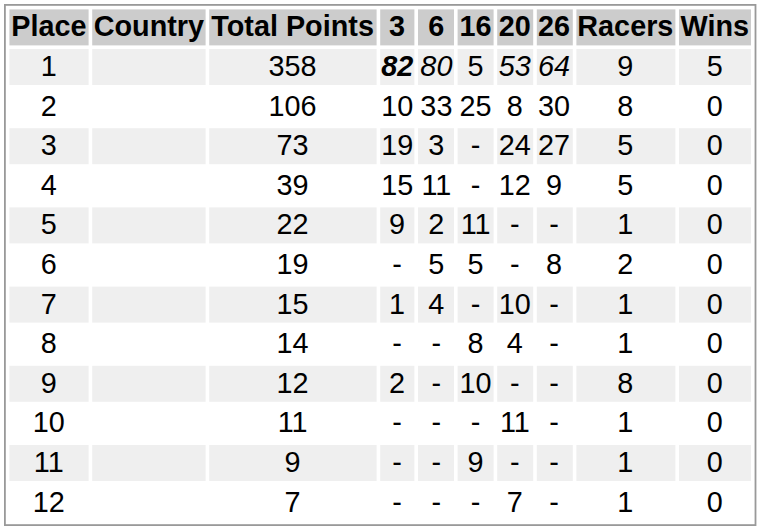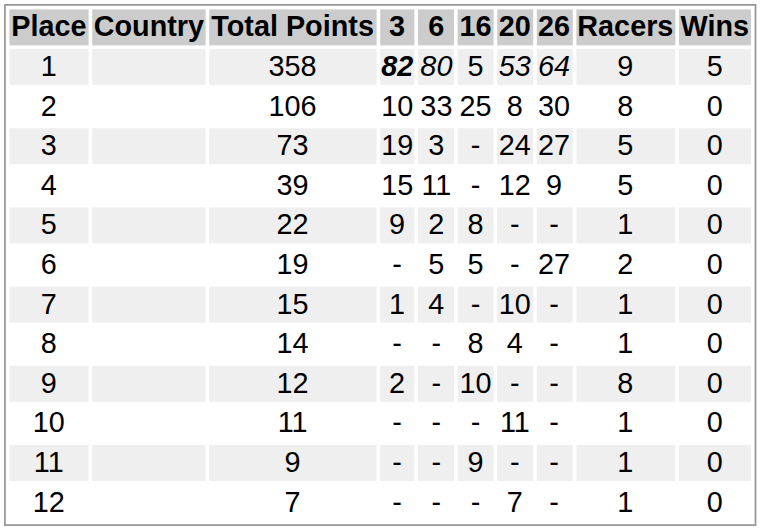 <table border="0" style="border: 1px solid #999; background-color:#FFFFFF; text-align:center">
 <tr align="center" bgcolor="#CCCCCC">
 <th>Place</th>
 <th>Country</th>
 <th>Total Points</th>
 <th>3</th>
 <th>6</th>
 <th>16</th>
 <th>20</th>
 <th>26</th>
 <th>Racers</th>
 <th>Wins</th>
 </tr>
 <tr bgcolor="#EFEFEF">
 <td>1</td>
 <td align="left"></td>
 <td>358</td>
 <td><strong><em>82</em></strong></td>
 <td><em>80</em></td>
 <td>5</td>
 <td><em>53</em></td>
 <td><em>64</em></td>
 <td>9</td>
 <td>5</td>
 </tr>
 <tr>
 <td>2</td>
 <td align="left"></td>
 <td>106</td>
 <td>10</td>
 <td>33</td>
 <td>25</td>
 <td>8</td>
 <td>30</td>
 <td>8</td>
 <td>0</td>
 </tr>
 <tr bgcolor="#EFEFEF">
 <td>3</td>
 <td align="left"></td>
 <td>73</td>
 <td>19</td>
 <td>3</td>
 <td>-</td>
 <td>24</td>
 <td>27</td>
 <td>5</td>
 <td>0</td>
 </tr>
 <tr>
 <td>4</td>
 <td align="left"></td>
 <td>39</td>
 <td>15</td>
 <td>11</td>
 <td>-</td>
 <td>12</td>
 <td>9</td>
 <td>5</td>
 <td>0</td>
 </tr>
 <tr bgcolor="#EFEFEF">
 <td>5</td>
 <td align="left"></td>
 <td>22</td>
 <td>9</td>
 <td>2</td>
-<td>11</td>
+<td>8</td>
 <td>-</td>
 <td>-</td>
 <td>1</td>
 <td>0</td>
 </tr>
 <tr>
 <td>6</td>
 <td align="left"></td>
 <td>19</td>
 <td>-</td>
 <td>5</td>
 <td>5</td>
 <td>-</td>
-<td>8</td>
+<td>27</td>
 <td>2</td>
 <td>0</td>
 </tr>
 <tr bgcolor="#EFEFEF">
 <td>7</td>
 <td align="left"></td>
 <td>15</td>
 <td>1</td>
 <td>4</td>
 <td>-</td>
 <td>10</td>
 <td>-</td>
 <td>1</td>
 <td>0</td>
 </tr>
 <tr>
 <td>8</td>
 <td align="left"></td>
 <td>14</td>
 <td>-</td>
 <td>-</td>
 <td>8</td>
 <td>4</td>
 <td>-</td>
 <td>1</td>
 <td>0</td>
 </tr>
 <tr bgcolor="#EFEFEF">
 <td>9</td>
 <td align="left"></td>
 <td>12</td>
 <td>2</td>
 <td>-</td>
 <td>10</td>
 <td>-</td>
 <td>-</td>
 <td>8</td>
 <td>0</td>
 </tr>
 <tr>
 <td>10</td>
 <td align="left"></td>
 <td>11</td>
 <td>-</td>
 <td>-</td>
 <td>-</td>
 <td>11</td>
 <td>-</td>
 <td>1</td>
 <td>0</td>
 </tr>
 <tr bgcolor="#EFEFEF">
 <td>11</td>
 <td align="left"></td>
 <td>9</td>
 <td>-</td>
 <td>-</td>
 <td>9</td>
 <td>-</td>
 <td>-</td>
 <td>1</td>
 <td>0</td>
 </tr>
 <tr>
 <td>12</td>
 <td align="left"></td>
 <td>7</td>
 <td>-</td>
 <td>-</td>
 <td>-</td>
 <td>7</td>
 <td>-</td>
 <td>1</td>
 <td>0</td>
 </tr>
 </table>
